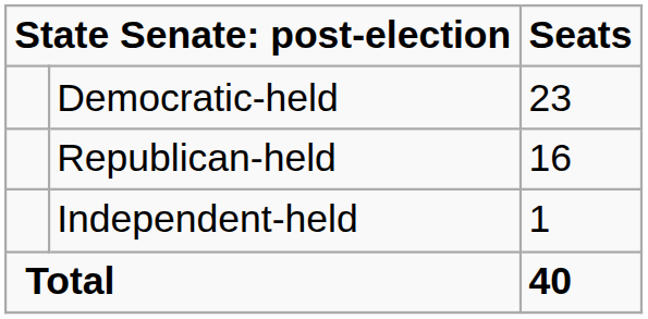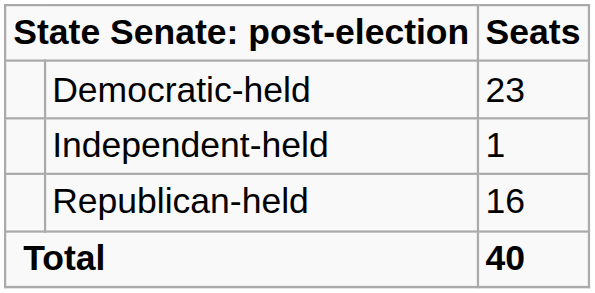 <table class="wikitable">
 <tr>
 <td colspan="2" rowspan="1" align="center" valign="top"><strong>State Senate: post-election</strong></td>
 <td valign="top"><strong>Seats</strong><br></td>
 </tr>
 <tr>
 <td style="background-color:"> </td>
 <td>Democratic-held</td>
 <td>23</td>
 </tr>
 <tr>
 <td style="background-color:"> </td>
-<td>Republican-held</td>
-<td>16</td>
+<td>Independent-held</td>
+<td>1</td>
 </tr>
 <tr>
 <td style="background-color:"> </td>
-<td>Independent-held</td>
-<td>1</td>
+<td>Republican-held</td>
+<td>16</td>
 </tr>
 <tr>
 <td colspan="2" rowspan="1"> <strong>Total</strong><br></td>
 <td><strong>40</strong></td>
 </tr>
 <tr>
 </tr>
 </table>
